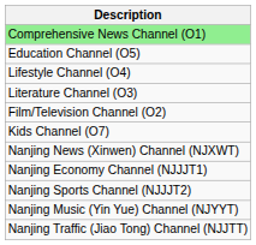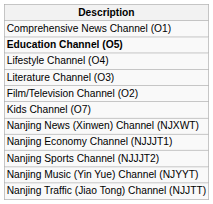 <table class="wikitable">
 <tr>
 <th>Description</th>
 </tr>
 <tr>
-<td style="background: lightgreen;">Comprehensive News Channel (O1)</td>
+<td>Comprehensive News Channel (O1)</td>
 </tr>
 <tr>
-<td>Education Channel (O5)</td>
+<td><strong>Education Channel (O5)</strong></td>
 </tr>
 <tr>
 <td>Lifestyle Channel (O4)</td>
 </tr>
 <tr>
 <td>Literature Channel (O3)</td>
 </tr>
 <tr>
 <td>Film/Television Channel (O2)</td>
 </tr>
 <tr>
 <td>Kids Channel (O7)</td>
 </tr>
 <tr>
 <td>Nanjing News (Xinwen) Channel (NJXWT)</td>
 </tr>
 <tr>
 <td>Nanjing Economy Channel (NJJJT1)</td>
 </tr>
 <tr>
 <td>Nanjing Sports Channel (NJJJT2)</td>
 </tr>
 <tr>
 <td>Nanjing Music (Yin Yue) Channel (NJYYT)</td>
 </tr>
 <tr>
 <td>Nanjing Traffic (Jiao Tong) Channel (NJJTT)</td>
 </tr>
 </table>
